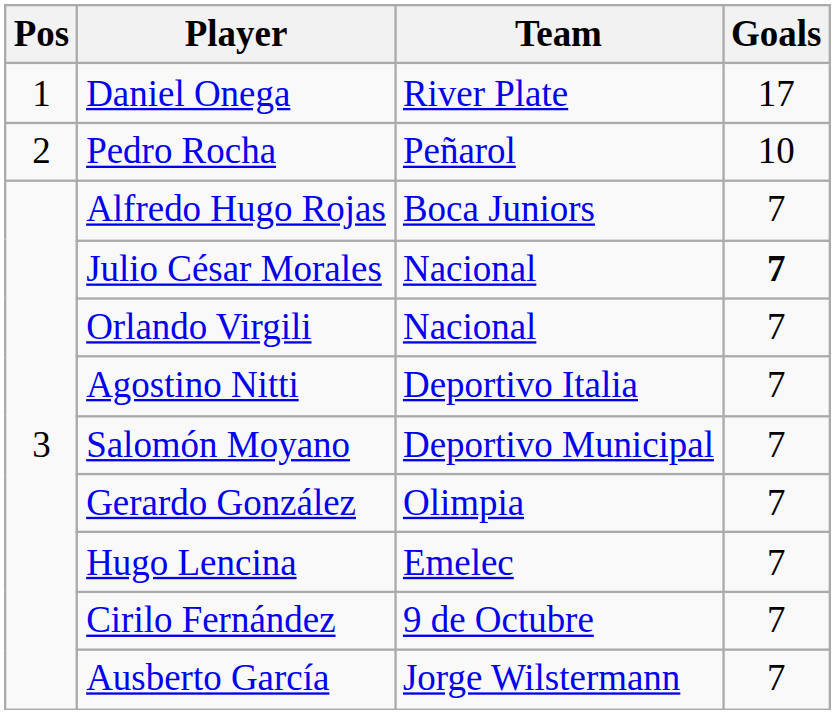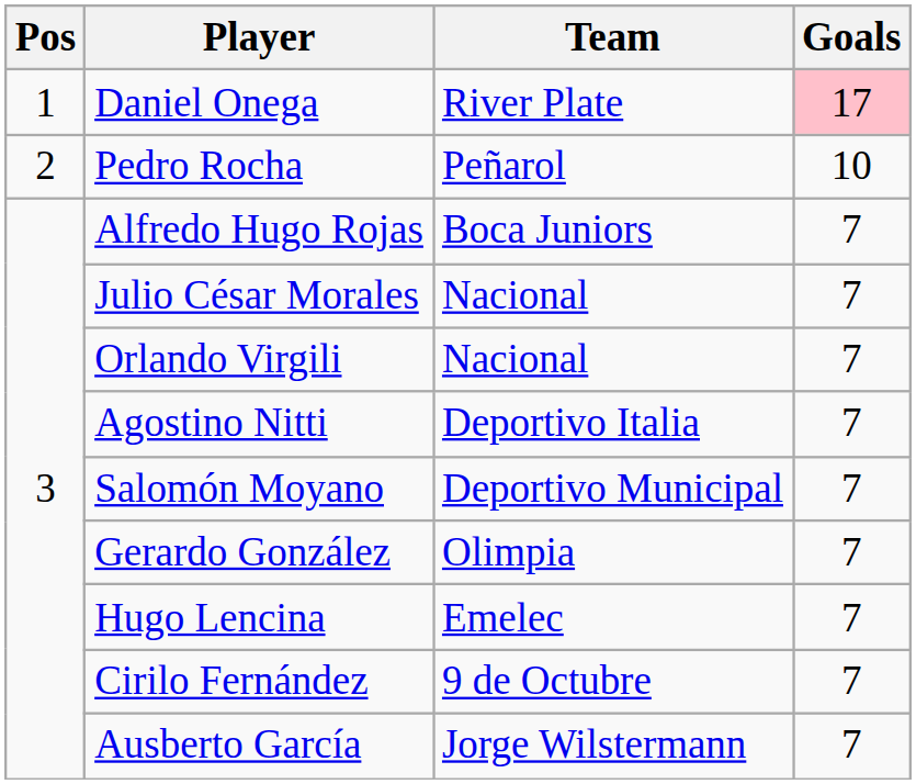 <table class="wikitable" style="text-align: left;">
 <tr>
 <th>Pos</th>
 <th>Player</th>
 <th>Team</th>
 <th>Goals</th>
 </tr>
 <tr>
 <td align=center>1</td>
 <td> <a href='#'>Daniel Onega</a></td>
 <td> <a href='#'>River Plate</a></td>
-<td align=center>17</td>
+<td align=center style="background: pink;">17</td>
 </tr>
 <tr>
 <td align=center>2</td>
 <td> <a href='#'>Pedro Rocha</a></td>
 <td> <a href='#'>Peñarol</a></td>
 <td align=center>10</td>
 </tr>
 <tr>
 <td align=center rowspan=9>3</td>
 <td> <a href='#'>Alfredo Hugo Rojas</a></td>
 <td> <a href='#'>Boca Juniors</a></td>
 <td align=center>7</td>
 </tr>
 <tr>
 <td> <a href='#'>Julio César Morales</a></td>
 <td> <a href='#'>Nacional</a></td>
-<td align=center><strong>7</strong></td>
+<td align=center>7</td>
 </tr>
 <tr>
 <td> <a href='#'>Orlando Virgili</a></td>
 <td> <a href='#'>Nacional</a></td>
 <td align=center>7</td>
 </tr>
 <tr>
 <td> <a href='#'>Agostino Nitti</a></td>
 <td> <a href='#'>Deportivo Italia</a></td>
 <td align=center>7</td>
 </tr>
 <tr>
 <td> <a href='#'>Salomón Moyano</a></td>
 <td> <a href='#'>Deportivo Municipal</a></td>
 <td align=center>7</td>
 </tr>
 <tr>
 <td> <a href='#'>Gerardo González</a></td>
 <td> <a href='#'>Olimpia</a></td>
 <td align=center>7</td>
 </tr>
 <tr>
 <td> <a href='#'>Hugo Lencina</a></td>
 <td> <a href='#'>Emelec</a></td>
 <td align=center>7</td>
 </tr>
 <tr>
 <td> <a href='#'>Cirilo Fernández</a></td>
 <td> <a href='#'>9 de Octubre</a></td>
 <td align=center>7</td>
 </tr>
 <tr>
 <td> <a href='#'>Ausberto García</a></td>
 <td> <a href='#'>Jorge Wilstermann</a></td>
 <td align=center>7</td>
 </tr>
 </table>
